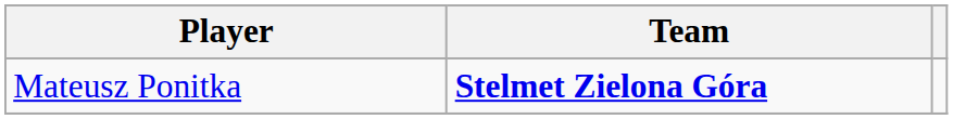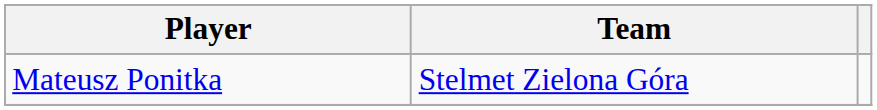 <table class="wikitable" style="text-align: center;">
 <tr>
 <th style="width:200px;">Player</th>
 <th style="width:220px;">Team</th>
 <th></th>
 </tr>
 <tr>
 <td align="left"> <a href='#'>Mateusz Ponitka</a></td>
-<td align="left"><strong> <a href='#'>Stelmet Zielona Góra</a></strong></td>
+<td align="left"> <a href='#'>Stelmet Zielona Góra</a></td>
 <td></td>
 </tr>
 <tr>
 </tr>
 </table>
